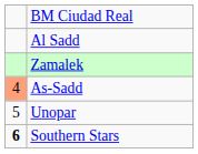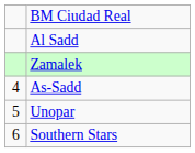 <table class="wikitable" width="200px">
 <tr>
 <td align=center></td>
 <td> <a href='#'>BM Ciudad Real</a></td>
 </tr>
 <tr>
 <td align=center></td>
 <td> <a href='#'>Al Sadd</a></td>
 </tr>
 <tr>
 <td align=center bgcolor=#ccffcc></td>
 <td bgcolor=#ccffcc> <a href='#'>Zamalek</a></td>
 </tr>
 <tr>
-<td align=center style="background: lightsalmon;">4</td>
+<td align=center>4</td>
 <td> <a href='#'>As-Sadd</a></td>
 </tr>
 <tr>
 <td align=center>5</td>
 <td> <a href='#'>Unopar</a></td>
 </tr>
 <tr>
-<td align=center><strong>6</strong></td>
+<td align=center>6</td>
 <td> <a href='#'>Southern Stars</a></td>
 </tr>
 </table>
